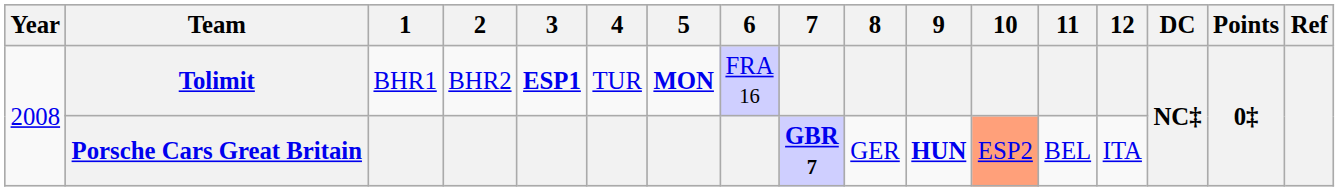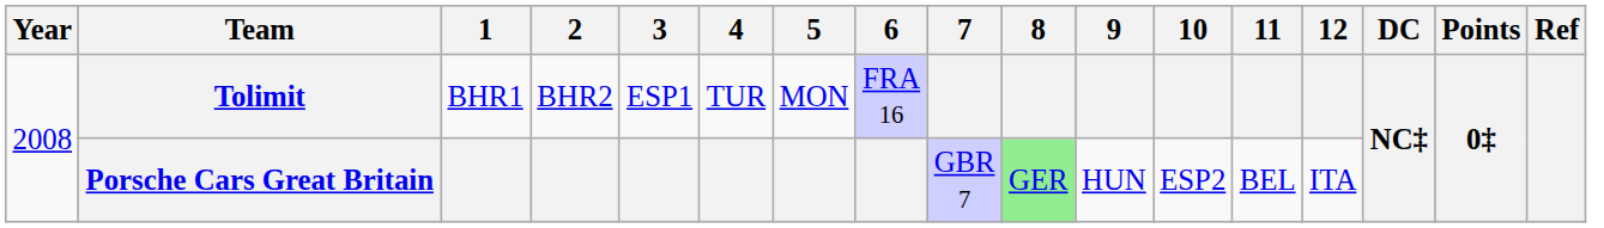 <table class="wikitable" style="text-align:center; font-size:95%">
 <tr>
 <th>Year</th>
 <th>Team</th>
 <th>1</th>
 <th>2</th>
 <th>3</th>
 <th>4</th>
 <th>5</th>
 <th>6</th>
 <th>7</th>
 <th>8</th>
 <th>9</th>
 <th>10</th>
 <th>11</th>
 <th>12</th>
 <th>DC</th>
 <th>Points</th>
 <th>Ref</th>
 </tr>
 <tr>
 <td rowspan=2><a href='#'>2008</a></td>
 <th><a href='#'>Tolimit</a></th>
 <td><a href='#'>BHR1</a></td>
 <td><a href='#'>BHR2</a></td>
-<td><strong><a href='#'>ESP1</a></strong></td>
+<td><a href='#'>ESP1</a></td>
 <td><a href='#'>TUR</a></td>
-<td><strong><a href='#'>MON</a></strong></td>
+<td><a href='#'>MON</a></td>
 <td style="background:#CFCFFF;"><a href='#'>FRA</a><br><small>16</small></td>
 <th></th>
 <th></th>
 <th></th>
 <th></th>
 <th></th>
 <th></th>
 <th rowspan=2>NC‡</th>
 <th rowspan=2>0‡</th>
 <th rowspan=2></th>
 </tr>
 <tr>
 <th><a href='#'>Porsche Cars Great Britain</a></th>
 <th></th>
 <th></th>
 <th></th>
 <th></th>
 <th></th>
 <th></th>
-<td style="background:#CFCFFF;"><strong><a href='#'>GBR</a><br><small>7</small></strong></td>
-<td><a href='#'>GER</a></td>
-<td><strong><a href='#'>HUN</a></strong></td>
-<td style="background: lightsalmon;"><a href='#'>ESP2</a></td>
+<td style="background:#CFCFFF;"><a href='#'>GBR</a><br><small>7</small></td>
+<td style="background: lightgreen;"><a href='#'>GER</a></td>
+<td><a href='#'>HUN</a></td>
+<td><a href='#'>ESP2</a></td>
 <td><a href='#'>BEL</a></td>
 <td><a href='#'>ITA</a></td>
 </tr>
 </table>
